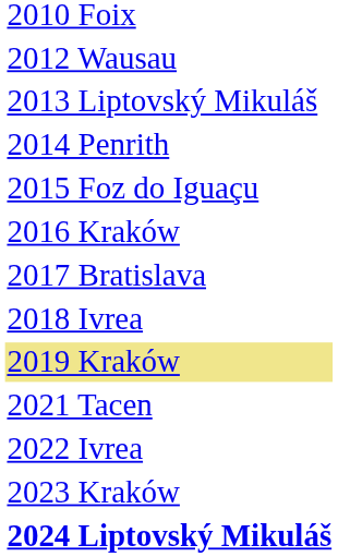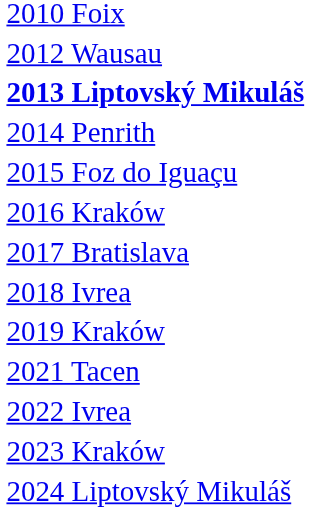 <table>
 <tr>
 <td><a href='#'>2010 Foix</a></td>
 <td></td>
 <td></td>
 <td></td>
 </tr>
 <tr>
 <td><a href='#'>2012 Wausau</a></td>
 <td></td>
 <td></td>
 <td></td>
 </tr>
 <tr>
-<td><a href='#'>2013 Liptovský Mikuláš</a></td>
+<td><strong><a href='#'>2013 Liptovský Mikuláš</a></strong></td>
 <td></td>
 <td></td>
 <td></td>
 </tr>
 <tr>
 <td><a href='#'>2014 Penrith</a></td>
 <td></td>
 <td></td>
 <td></td>
 </tr>
 <tr>
 <td><a href='#'>2015 Foz do Iguaçu</a></td>
 <td></td>
 <td></td>
 <td></td>
 </tr>
 <tr>
 <td><a href='#'>2016 Kraków</a></td>
 <td></td>
 <td></td>
 <td></td>
 </tr>
 <tr>
 <td><a href='#'>2017 Bratislava</a></td>
 <td></td>
 <td></td>
 <td></td>
 </tr>
 <tr>
 <td><a href='#'>2018 Ivrea</a></td>
 <td></td>
 <td></td>
 <td></td>
 </tr>
 <tr>
-<td style="background: khaki;"><a href='#'>2019 Kraków</a></td>
+<td><a href='#'>2019 Kraków</a></td>
 <td></td>
 <td></td>
 <td></td>
 </tr>
 <tr>
 <td><a href='#'>2021 Tacen</a></td>
 <td></td>
 <td></td>
 <td></td>
 </tr>
 <tr>
 <td><a href='#'>2022 Ivrea</a></td>
 <td></td>
 <td></td>
 <td></td>
 </tr>
 <tr>
 <td><a href='#'>2023 Kraków</a></td>
 <td></td>
 <td></td>
 <td></td>
 </tr>
 <tr>
-<td><strong><a href='#'>2024 Liptovský Mikuláš</a></strong></td>
+<td><a href='#'>2024 Liptovský Mikuláš</a></td>
 <td></td>
 <td></td>
 <td></td>
 </tr>
 </table>
